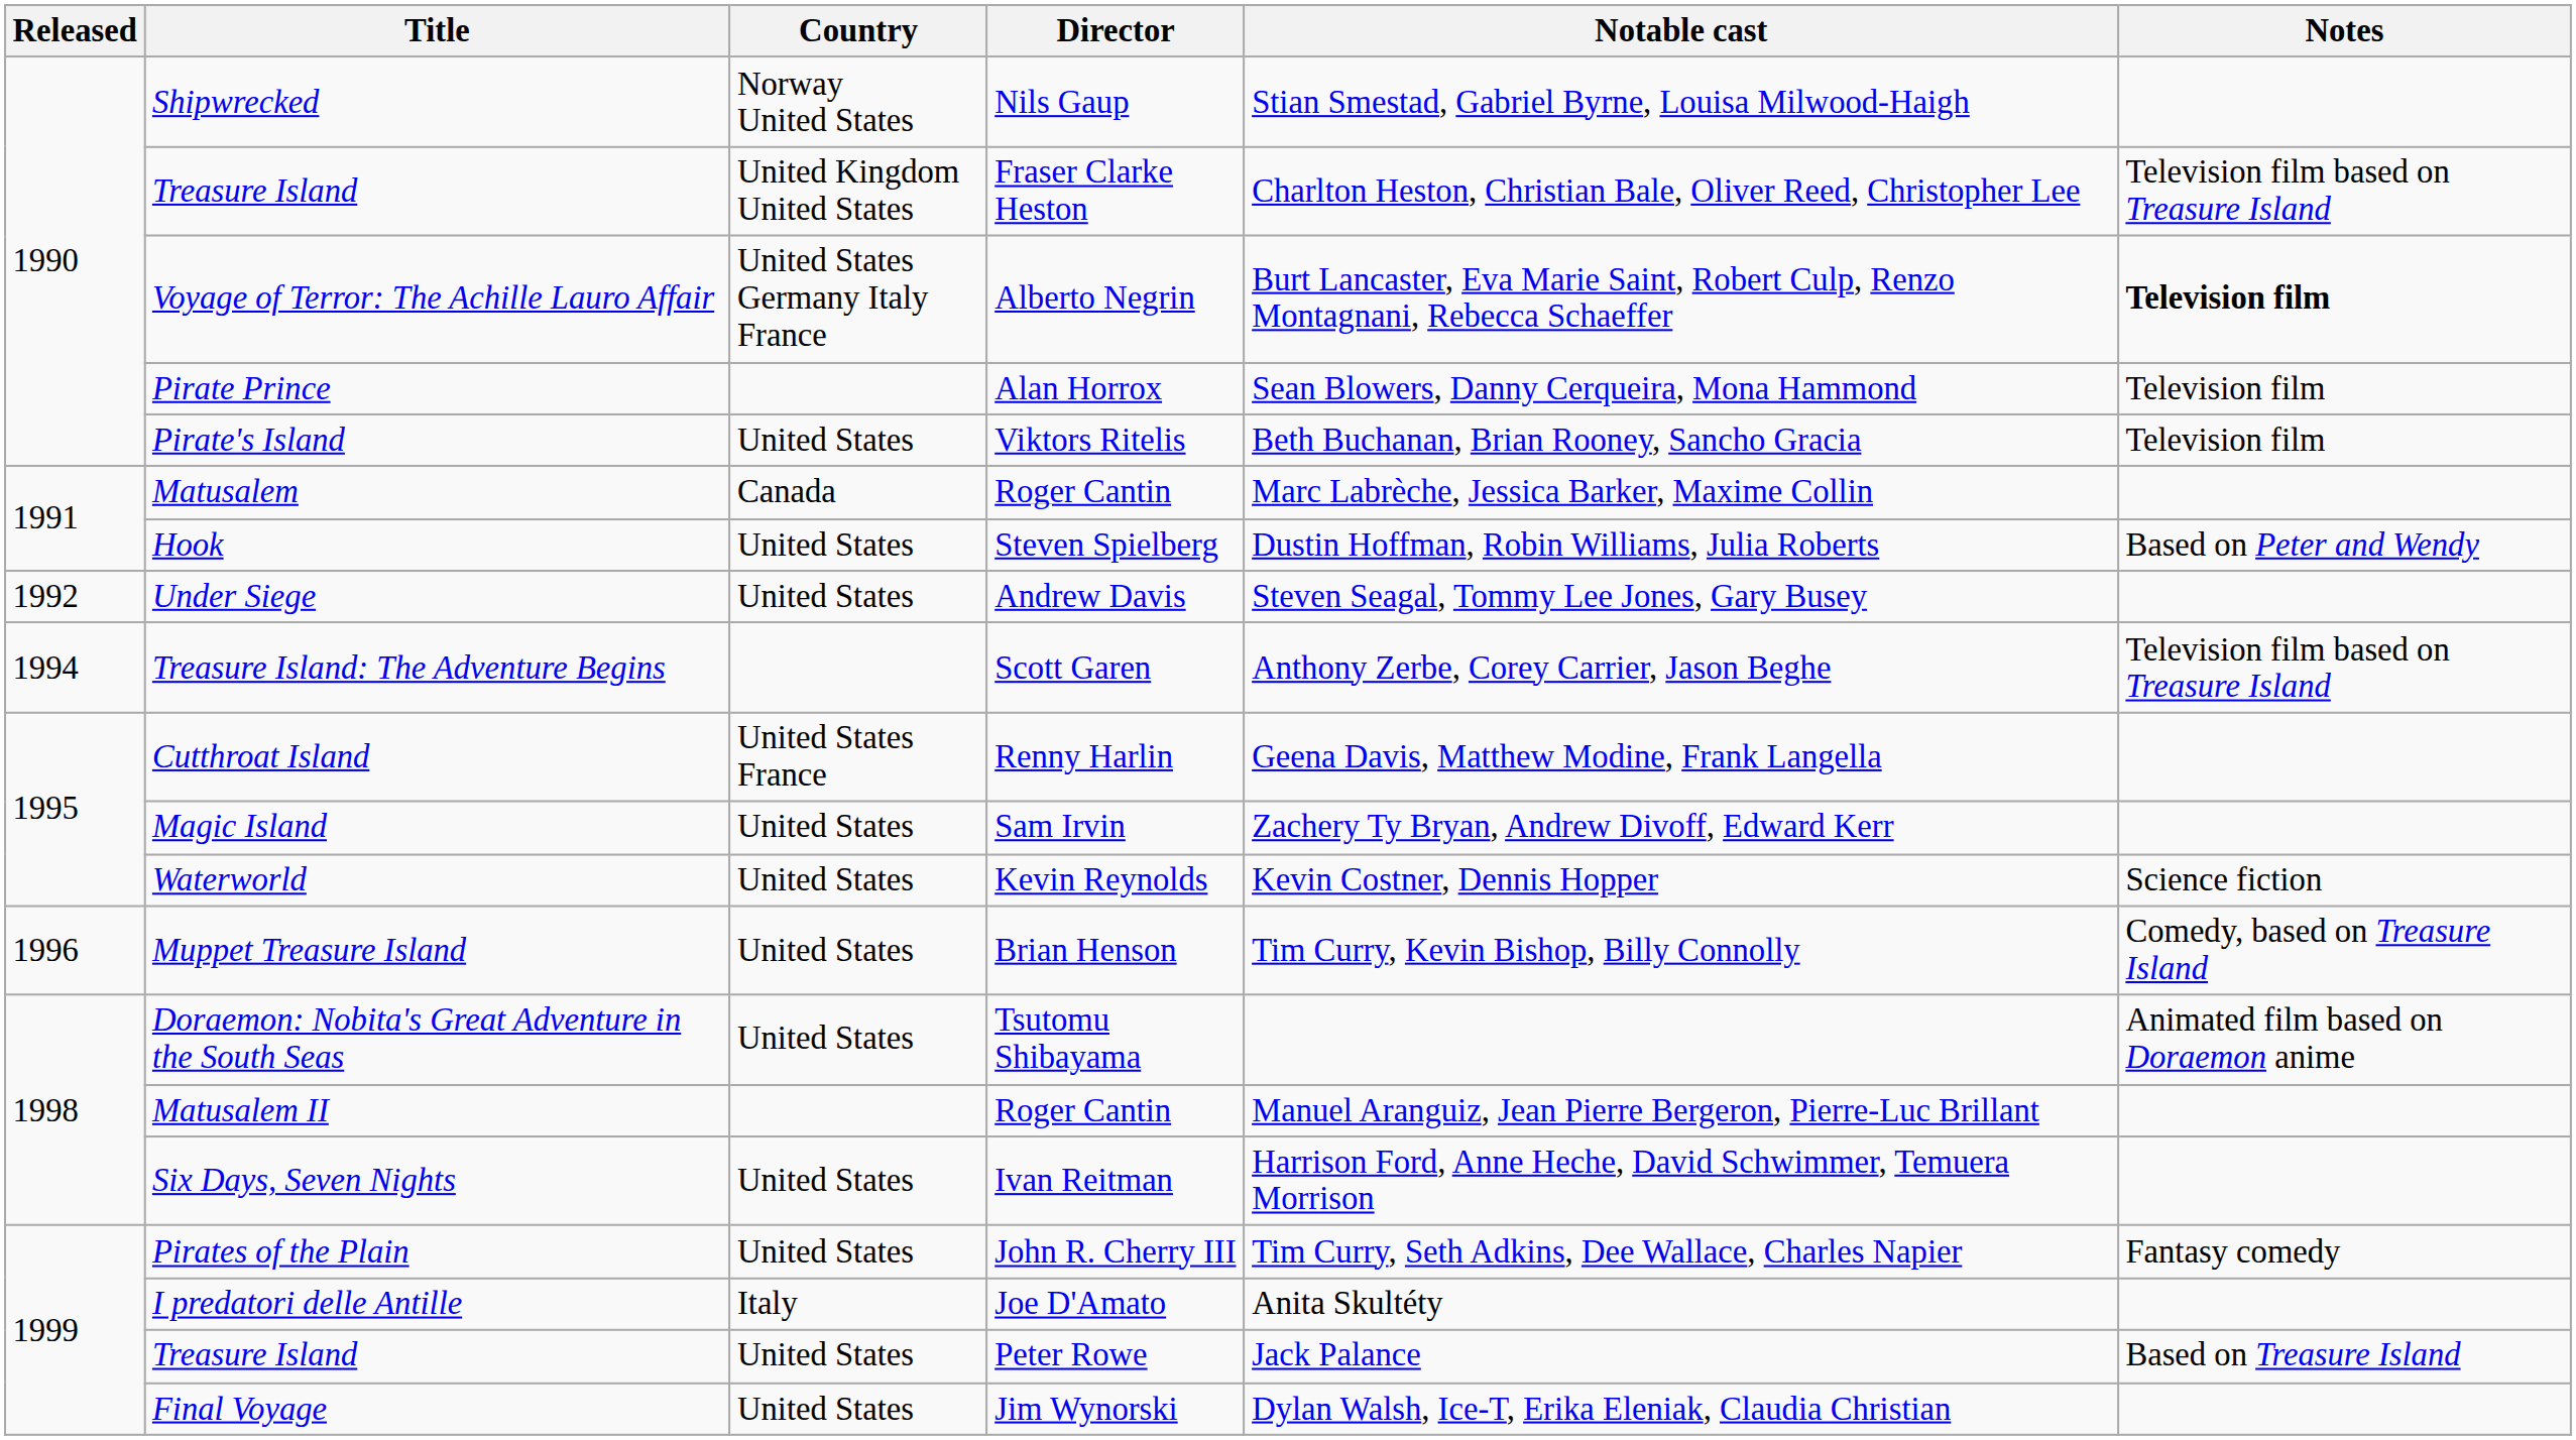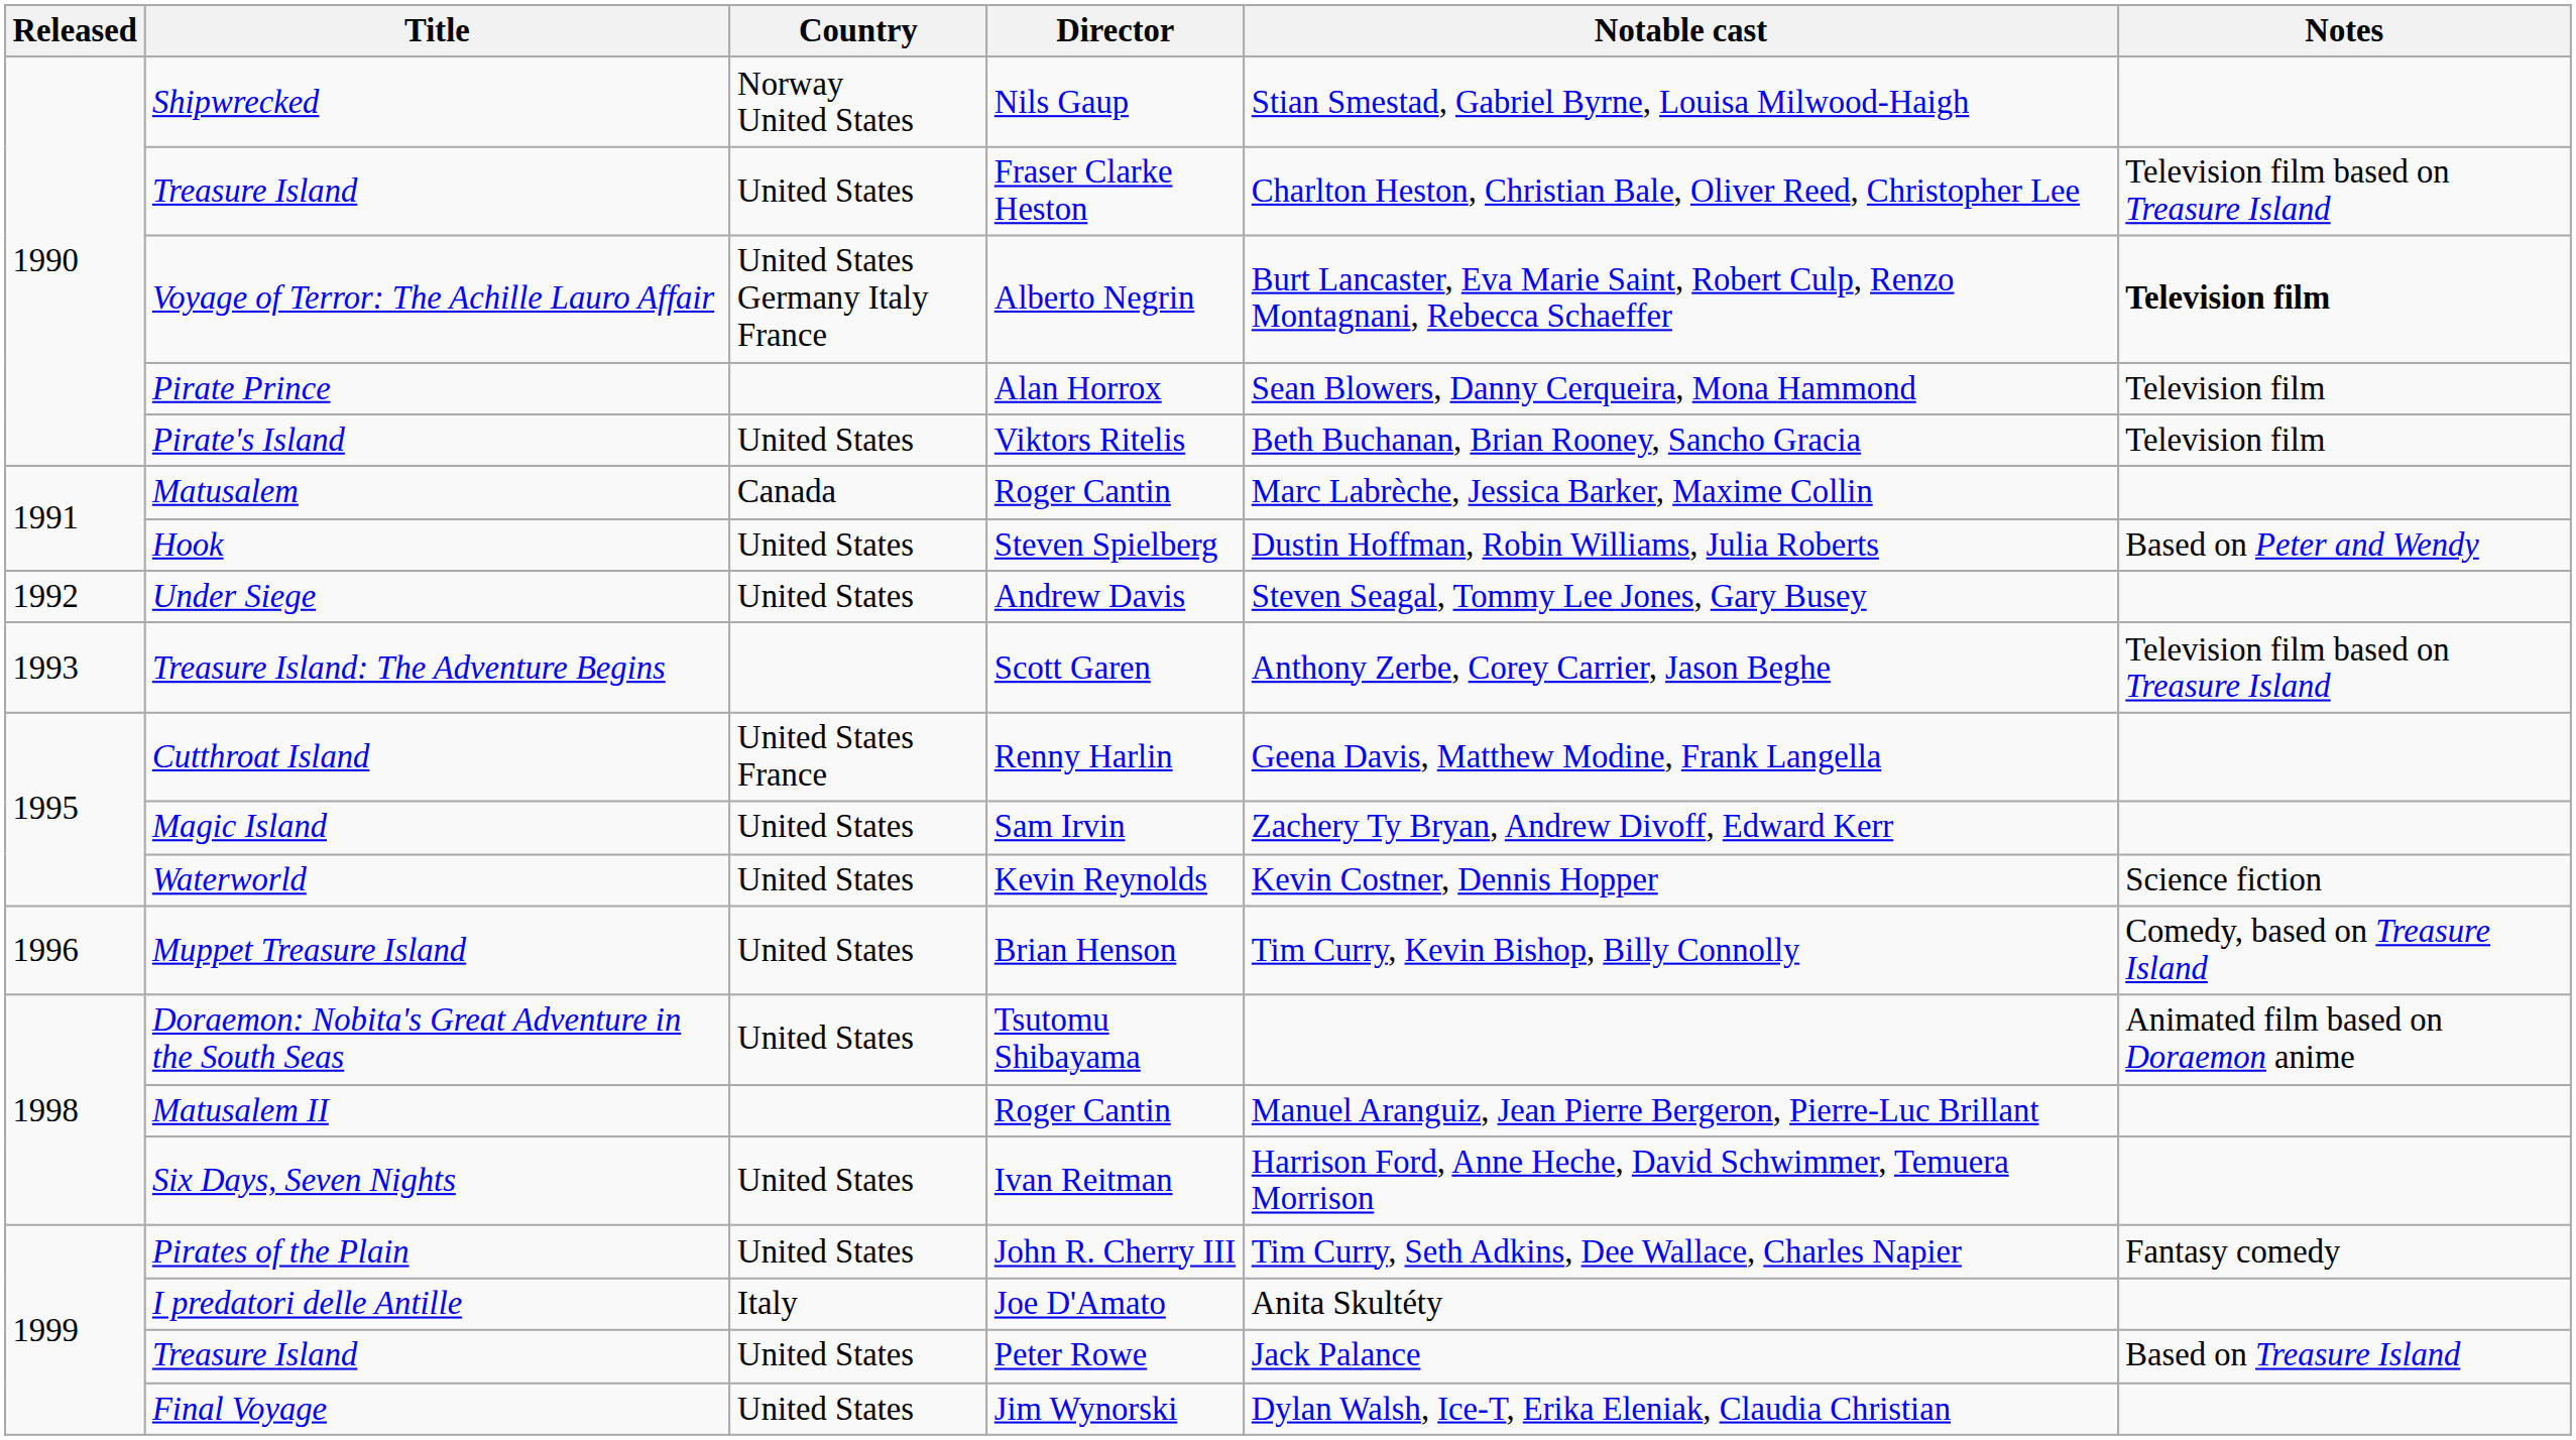 <table class="wikitable sortable">
 <tr>
 <th>Released</th>
 <th>Title</th>
 <th>Country</th>
 <th>Director</th>
 <th>Notable cast</th>
 <th>Notes</th>
 </tr>
 <tr>
 <td rowspan="5">1990</td>
 <td><em><a href='#'>Shipwrecked</a></em></td>
 <td>Norway<br>United States</td>
 <td><a href='#'>Nils Gaup</a></td>
 <td><a href='#'>Stian Smestad</a>, <a href='#'>Gabriel Byrne</a>, <a href='#'>Louisa Milwood-Haigh</a></td>
 <td></td>
 </tr>
 <tr>
 <td><em><a href='#'>Treasure Island</a></em></td>
-<td>United Kingdom<br>United States</td>
+<td>United States</td>
 <td><a href='#'>Fraser Clarke Heston</a></td>
 <td><a href='#'>Charlton Heston</a>, <a href='#'>Christian Bale</a>, <a href='#'>Oliver Reed</a>, <a href='#'>Christopher Lee</a></td>
 <td>Television film based on <em><a href='#'>Treasure Island</a></em></td>
 </tr>
 <tr>
 <td><em><a href='#'>Voyage of Terror: The Achille Lauro Affair</a></em></td>
 <td>United States<br>Germany Italy France</td>
 <td><a href='#'>Alberto Negrin</a></td>
 <td><a href='#'>Burt Lancaster</a>, <a href='#'>Eva Marie Saint</a>, <a href='#'>Robert Culp</a>, <a href='#'>Renzo Montagnani</a>, <a href='#'>Rebecca Schaeffer</a></td>
 <td><strong>Television film</strong></td>
 </tr>
 <tr>
 <td><em><a href='#'>Pirate Prince</a></em></td>
 <td></td>
 <td><a href='#'>Alan Horrox</a></td>
 <td><a href='#'>Sean Blowers</a>, <a href='#'>Danny Cerqueira</a>, <a href='#'>Mona Hammond</a></td>
 <td>Television film</td>
 </tr>
 <tr>
 <td><em><a href='#'>Pirate's Island</a></em></td>
 <td>United States</td>
 <td><a href='#'>Viktors Ritelis</a></td>
 <td><a href='#'>Beth Buchanan</a>, <a href='#'>Brian Rooney</a>, <a href='#'>Sancho Gracia</a></td>
 <td>Television film</td>
 </tr>
 <tr>
 <td rowspan="2">1991</td>
 <td><em><a href='#'>Matusalem</a></em></td>
 <td>Canada</td>
 <td><a href='#'>Roger Cantin</a></td>
 <td><a href='#'>Marc Labrèche</a>, <a href='#'>Jessica Barker</a>, <a href='#'>Maxime Collin</a></td>
 <td></td>
 </tr>
 <tr>
 <td><em><a href='#'>Hook</a></em></td>
 <td>United States</td>
 <td><a href='#'>Steven Spielberg</a></td>
 <td><a href='#'>Dustin Hoffman</a>, <a href='#'>Robin Williams</a>, <a href='#'>Julia Roberts</a></td>
 <td>Based on <em><a href='#'>Peter and Wendy</a></em></td>
 </tr>
 <tr>
 <td>1992</td>
 <td><em><a href='#'>Under Siege</a></em></td>
 <td>United States</td>
 <td><a href='#'>Andrew Davis</a></td>
 <td><a href='#'>Steven Seagal</a>, <a href='#'>Tommy Lee Jones</a>, <a href='#'>Gary Busey</a></td>
 <td></td>
 </tr>
 <tr>
-<td>1994</td>
+<td>1993</td>
 <td><em><a href='#'>Treasure Island: The Adventure Begins</a></em></td>
 <td></td>
 <td><a href='#'>Scott Garen</a></td>
 <td><a href='#'>Anthony Zerbe</a>, <a href='#'>Corey Carrier</a>, <a href='#'>Jason Beghe</a></td>
 <td>Television film based on <em><a href='#'>Treasure Island</a></em></td>
 </tr>
 <tr>
 <td rowspan="3">1995</td>
 <td><em><a href='#'>Cutthroat Island</a></em></td>
 <td>United States<br>France</td>
 <td><a href='#'>Renny Harlin</a></td>
 <td><a href='#'>Geena Davis</a>, <a href='#'>Matthew Modine</a>, <a href='#'>Frank Langella</a></td>
 <td></td>
 </tr>
 <tr>
 <td><em><a href='#'>Magic Island</a></em></td>
 <td>United States</td>
 <td><a href='#'>Sam Irvin</a></td>
 <td><a href='#'>Zachery Ty Bryan</a>, <a href='#'>Andrew Divoff</a>, <a href='#'>Edward Kerr</a></td>
 <td></td>
 </tr>
 <tr>
 <td><em><a href='#'>Waterworld</a></em></td>
 <td>United States</td>
 <td><a href='#'>Kevin Reynolds</a></td>
 <td><a href='#'>Kevin Costner</a>, <a href='#'>Dennis Hopper</a></td>
 <td>Science fiction</td>
 </tr>
 <tr>
 <td>1996</td>
 <td><em><a href='#'>Muppet Treasure Island</a></em></td>
 <td>United States</td>
 <td><a href='#'>Brian Henson</a></td>
 <td><a href='#'>Tim Curry</a>, <a href='#'>Kevin Bishop</a>, <a href='#'>Billy Connolly</a></td>
 <td>Comedy, based on <em><a href='#'>Treasure Island</a></em></td>
 </tr>
 <tr>
 <td rowspan="3">1998</td>
 <td><em><a href='#'>Doraemon: Nobita's Great Adventure in the South Seas</a></em></td>
 <td>United States</td>
 <td><a href='#'>Tsutomu Shibayama</a></td>
 <td></td>
 <td>Animated film based on <em><a href='#'>Doraemon</a></em> anime</td>
 </tr>
 <tr>
 <td><em><a href='#'>Matusalem II</a></em></td>
 <td></td>
 <td><a href='#'>Roger Cantin</a></td>
 <td><a href='#'>Manuel Aranguiz</a>, <a href='#'>Jean Pierre Bergeron</a>, <a href='#'>Pierre-Luc Brillant</a></td>
 <td></td>
 </tr>
 <tr>
 <td><em><a href='#'>Six Days, Seven Nights</a></em></td>
 <td>United States</td>
 <td><a href='#'>Ivan Reitman</a></td>
 <td><a href='#'>Harrison Ford</a>, <a href='#'>Anne Heche</a>, <a href='#'>David Schwimmer</a>, <a href='#'>Temuera Morrison</a></td>
 <td></td>
 </tr>
 <tr>
 <td rowspan="4">1999</td>
 <td><em><a href='#'>Pirates of the Plain</a></em></td>
 <td>United States</td>
 <td><a href='#'>John R. Cherry III</a></td>
 <td><a href='#'>Tim Curry</a>, <a href='#'>Seth Adkins</a>, <a href='#'>Dee Wallace</a>, <a href='#'>Charles Napier</a></td>
 <td>Fantasy comedy</td>
 </tr>
 <tr>
 <td><em><a href='#'>I predatori delle Antille</a></em></td>
 <td>Italy</td>
 <td><a href='#'>Joe D'Amato</a></td>
 <td>Anita Skultéty</td>
 <td></td>
 </tr>
 <tr>
 <td><em><a href='#'>Treasure Island</a></em></td>
 <td>United States</td>
 <td><a href='#'>Peter Rowe</a></td>
 <td><a href='#'>Jack Palance</a></td>
 <td>Based on <em><a href='#'>Treasure Island</a></em></td>
 </tr>
 <tr>
 <td><em><a href='#'>Final Voyage</a></em></td>
 <td>United States</td>
 <td><a href='#'>Jim Wynorski</a></td>
 <td><a href='#'>Dylan Walsh</a>, <a href='#'>Ice-T</a>, <a href='#'>Erika Eleniak</a>, <a href='#'>Claudia Christian</a></td>
 <td></td>
 </tr>
 </table>
